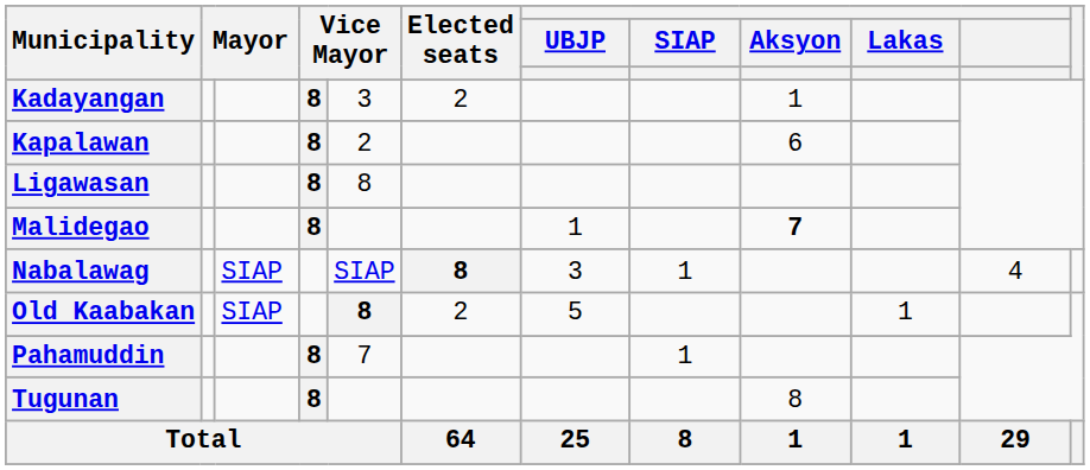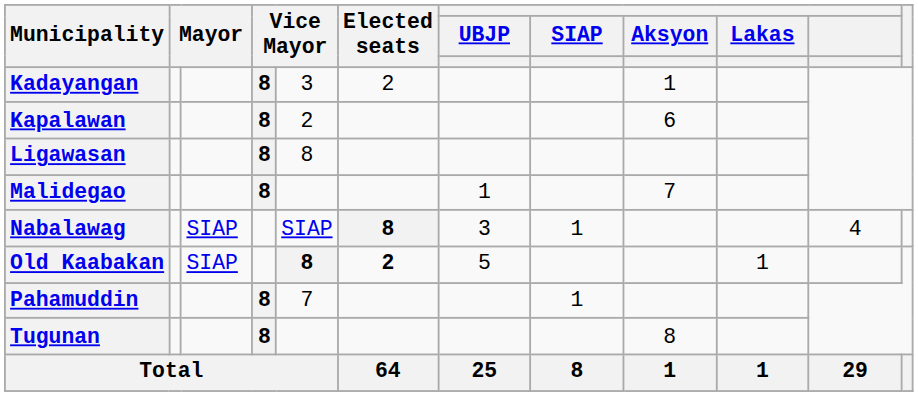 <table class="wikitable" style="text-align:center; font-size: 0.9em;">
 <tr>
 <th rowspan="3">Municipality</th>
 <th colspan="2" rowspan="3" style="width:40px;">Mayor</th>
 <th colspan="2" rowspan="3" style="width:40px;">Vice Mayor</th>
 <th rowspan="3">Elected<br>seats</th>
 <th colspan="5"></th>
 <th rowspan="3"></th>
 </tr>
 <tr>
 <th class="unsortable" style="width:45px;"><a href='#'>UBJP</a></th>
 <th class="unsortable" style="width:45px;"><a href='#'>SIAP</a></th>
 <th class="unsortable" style="width:45px;"><a href='#'>Aksyon</a></th>
 <th class="unsortable" style="width:45px;"><a href='#'>Lakas</a></th>
 <th class="unsortable" style="width:45px;"></th>
 </tr>
 <tr>
 <th style="color:inherit;background:"></th>
 <th style="color:inherit;background:"></th>
 <th style="color:inherit;background:"></th>
 <th style="color:inherit;background:"></th>
 <th style="color:inherit;background:"></th>
 </tr>
 <tr>
 <th style="text-align: left;"><a href='#'>Kadayangan</a></th>
 <td></td>
 <td></td>
 <th>8</th>
 <td>3</td>
 <td>2</td>
 <td></td>
 <td></td>
 <td>1</td>
 <td></td>
 </tr>
 <tr>
 <th style="text-align: left;"><a href='#'>Kapalawan</a></th>
 <td></td>
 <td></td>
 <th>8</th>
 <td>2</td>
 <td></td>
 <td></td>
 <td></td>
 <td>6</td>
 <td></td>
 </tr>
 <tr>
 <th style="text-align: left;"><a href='#'>Ligawasan</a></th>
 <td></td>
 <td></td>
 <th>8</th>
 <td>8</td>
 <td></td>
 <td></td>
 <td></td>
 <td></td>
 <td></td>
 </tr>
 <tr>
 <th style="text-align: left;"><a href='#'>Malidegao</a></th>
 <td></td>
 <td></td>
 <th>8</th>
 <td></td>
 <td></td>
 <td>1</td>
 <td></td>
-<td><strong>7</strong></td>
+<td>7</td>
 <td></td>
 </tr>
 <tr>
 <th style="text-align: left;"><a href='#'>Nabalawag</a></th>
 <td></td>
 <td style="text-align: left;"><a href='#'>SIAP</a></td>
 <td></td>
 <td style="text-align: left;"><a href='#'>SIAP</a></td>
 <th>8</th>
 <td>3</td>
 <td>1</td>
 <td></td>
 <td></td>
 <td>4</td>
 <td></td>
 </tr>
 <tr>
 <th style="text-align: left;"><a href='#'>Old Kaabakan</a></th>
 <td></td>
 <td style="text-align: left;"><a href='#'>SIAP</a></td>
 <td></td>
 <th>8</th>
-<td>2</td>
+<td><strong>2</strong></td>
 <td>5</td>
 <td></td>
 <td></td>
 <td>1</td>
 <td></td>
 </tr>
 <tr>
 <th style="text-align: left;"><a href='#'>Pahamuddin</a></th>
 <td></td>
 <td></td>
 <th>8</th>
 <td>7</td>
 <td></td>
 <td></td>
 <td>1</td>
 <td></td>
 <td></td>
 </tr>
 <tr>
 <th style="text-align: left;"><a href='#'>Tugunan</a></th>
 <td></td>
 <td></td>
 <th>8</th>
 <td></td>
 <td></td>
 <td></td>
 <td></td>
 <td>8</td>
 <td></td>
 </tr>
 <tr>
 <th colspan="5">Total</th>
 <th>64</th>
 <th>25</th>
 <th>8</th>
 <th>1</th>
 <th>1</th>
 <th>29</th>
 <th></th>
 </tr>
 </table>
